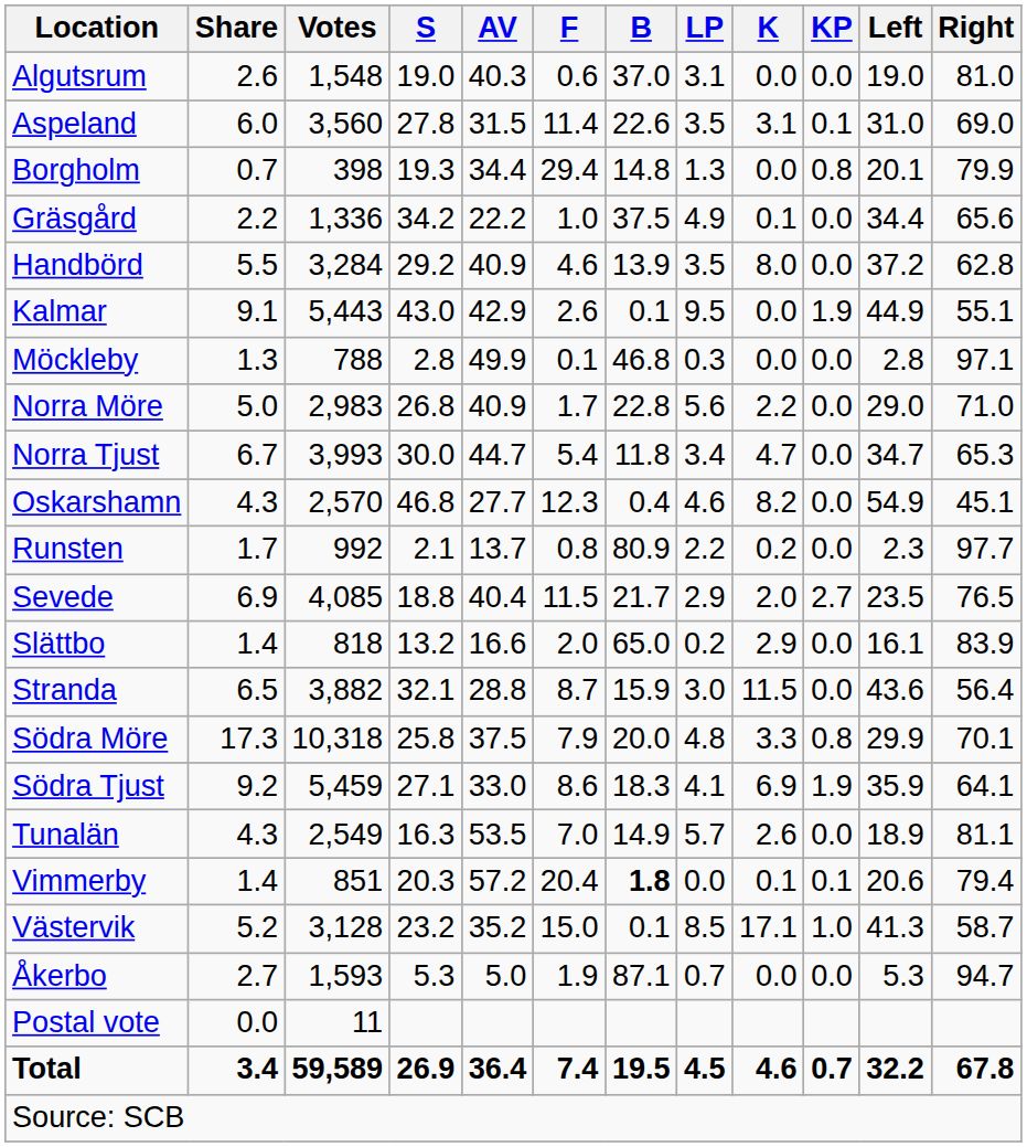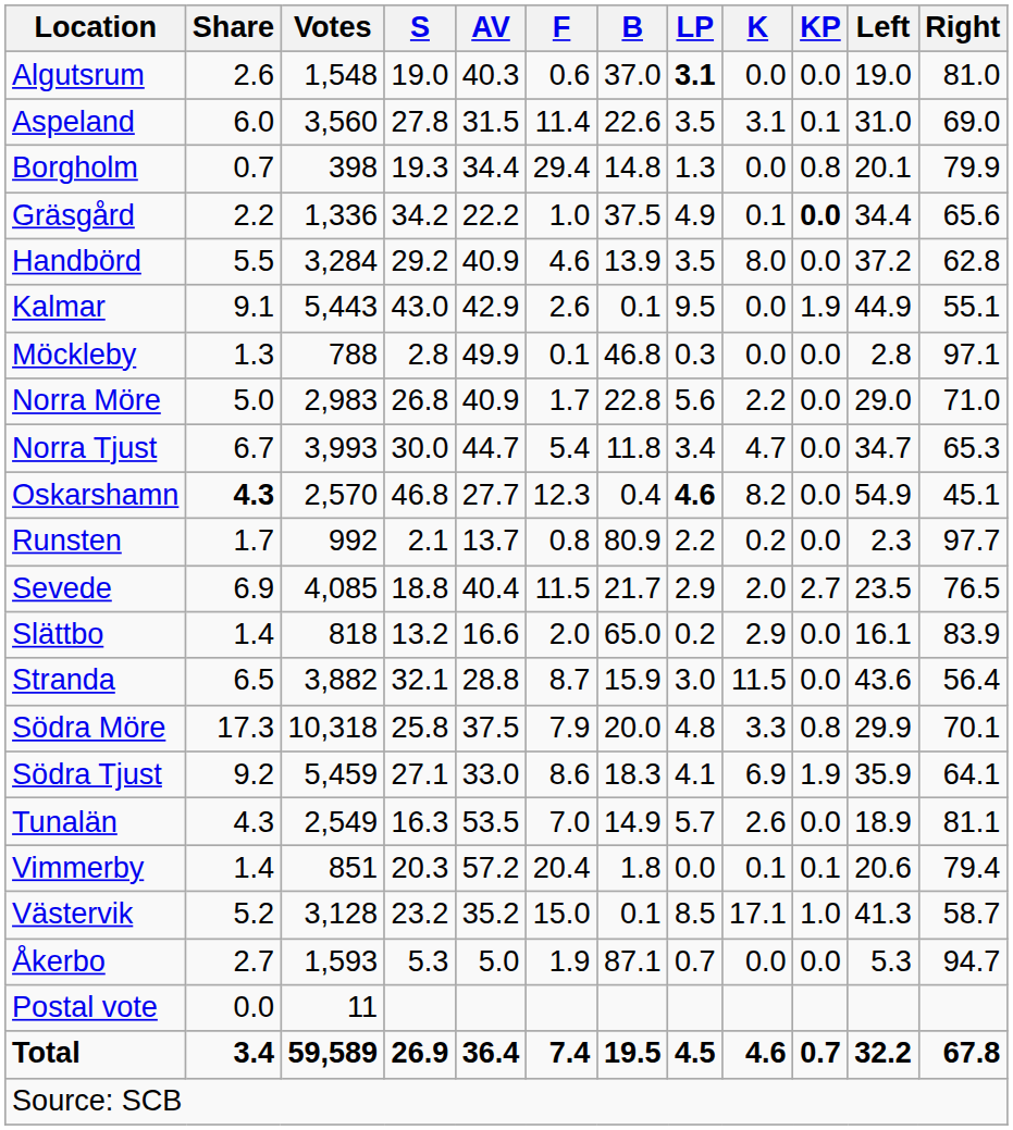 <table class="wikitable sortable" style=text-align:right>
 <tr>
 <th>Location</th>
 <th>Share</th>
 <th>Votes</th>
 <th><a href='#'>S</a></th>
 <th><a href='#'>AV</a></th>
 <th><a href='#'>F</a></th>
 <th><a href='#'>B</a></th>
 <th><a href='#'>LP</a></th>
 <th><a href='#'>K</a></th>
 <th><a href='#'>KP</a></th>
 <th>Left</th>
 <th>Right</th>
 </tr>
 <tr>
 <td align=left><a href='#'>Algutsrum</a></td>
 <td>2.6</td>
 <td>1,548</td>
 <td>19.0</td>
 <td>40.3</td>
 <td>0.6</td>
 <td>37.0</td>
-<td>3.1</td>
+<td><strong>3.1</strong></td>
 <td>0.0</td>
 <td>0.0</td>
 <td>19.0</td>
 <td>81.0</td>
 </tr>
 <tr>
 <td align=left><a href='#'>Aspeland</a></td>
 <td>6.0</td>
 <td>3,560</td>
 <td>27.8</td>
 <td>31.5</td>
 <td>11.4</td>
 <td>22.6</td>
 <td>3.5</td>
 <td>3.1</td>
 <td>0.1</td>
 <td>31.0</td>
 <td>69.0</td>
 </tr>
 <tr>
 <td align=left><a href='#'>Borgholm</a></td>
 <td>0.7</td>
 <td>398</td>
 <td>19.3</td>
 <td>34.4</td>
 <td>29.4</td>
 <td>14.8</td>
 <td>1.3</td>
 <td>0.0</td>
 <td>0.8</td>
 <td>20.1</td>
 <td>79.9</td>
 </tr>
 <tr>
 <td align=left><a href='#'>Gräsgård</a></td>
 <td>2.2</td>
 <td>1,336</td>
 <td>34.2</td>
 <td>22.2</td>
 <td>1.0</td>
 <td>37.5</td>
 <td>4.9</td>
 <td>0.1</td>
-<td>0.0</td>
+<td><strong>0.0</strong></td>
 <td>34.4</td>
 <td>65.6</td>
 </tr>
 <tr>
 <td align=left><a href='#'>Handbörd</a></td>
 <td>5.5</td>
 <td>3,284</td>
 <td>29.2</td>
 <td>40.9</td>
 <td>4.6</td>
 <td>13.9</td>
 <td>3.5</td>
 <td>8.0</td>
 <td>0.0</td>
 <td>37.2</td>
 <td>62.8</td>
 </tr>
 <tr>
 <td align=left><a href='#'>Kalmar</a></td>
 <td>9.1</td>
 <td>5,443</td>
 <td>43.0</td>
 <td>42.9</td>
 <td>2.6</td>
 <td>0.1</td>
 <td>9.5</td>
 <td>0.0</td>
 <td>1.9</td>
 <td>44.9</td>
 <td>55.1</td>
 </tr>
 <tr>
 <td align=left><a href='#'>Möckleby</a></td>
 <td>1.3</td>
 <td>788</td>
 <td>2.8</td>
 <td>49.9</td>
 <td>0.1</td>
 <td>46.8</td>
 <td>0.3</td>
 <td>0.0</td>
 <td>0.0</td>
 <td>2.8</td>
 <td>97.1</td>
 </tr>
 <tr>
 <td align=left><a href='#'>Norra Möre</a></td>
 <td>5.0</td>
 <td>2,983</td>
 <td>26.8</td>
 <td>40.9</td>
 <td>1.7</td>
 <td>22.8</td>
 <td>5.6</td>
 <td>2.2</td>
 <td>0.0</td>
 <td>29.0</td>
 <td>71.0</td>
 </tr>
 <tr>
 <td align=left><a href='#'>Norra Tjust</a></td>
 <td>6.7</td>
 <td>3,993</td>
 <td>30.0</td>
 <td>44.7</td>
 <td>5.4</td>
 <td>11.8</td>
 <td>3.4</td>
 <td>4.7</td>
 <td>0.0</td>
 <td>34.7</td>
 <td>65.3</td>
 </tr>
 <tr>
 <td align=left><a href='#'>Oskarshamn</a></td>
-<td>4.3</td>
+<td><strong>4.3</strong></td>
 <td>2,570</td>
 <td>46.8</td>
 <td>27.7</td>
 <td>12.3</td>
 <td>0.4</td>
-<td>4.6</td>
+<td><strong>4.6</strong></td>
 <td>8.2</td>
 <td>0.0</td>
 <td>54.9</td>
 <td>45.1</td>
 </tr>
 <tr>
 <td align=left><a href='#'>Runsten</a></td>
 <td>1.7</td>
 <td>992</td>
 <td>2.1</td>
 <td>13.7</td>
 <td>0.8</td>
 <td>80.9</td>
 <td>2.2</td>
 <td>0.2</td>
 <td>0.0</td>
 <td>2.3</td>
 <td>97.7</td>
 </tr>
 <tr>
 <td align=left><a href='#'>Sevede</a></td>
 <td>6.9</td>
 <td>4,085</td>
 <td>18.8</td>
 <td>40.4</td>
 <td>11.5</td>
 <td>21.7</td>
 <td>2.9</td>
 <td>2.0</td>
 <td>2.7</td>
 <td>23.5</td>
 <td>76.5</td>
 </tr>
 <tr>
 <td align=left><a href='#'>Slättbo</a></td>
 <td>1.4</td>
 <td>818</td>
 <td>13.2</td>
 <td>16.6</td>
 <td>2.0</td>
 <td>65.0</td>
 <td>0.2</td>
 <td>2.9</td>
 <td>0.0</td>
 <td>16.1</td>
 <td>83.9</td>
 </tr>
 <tr>
 <td align=left><a href='#'>Stranda</a></td>
 <td>6.5</td>
 <td>3,882</td>
 <td>32.1</td>
 <td>28.8</td>
 <td>8.7</td>
 <td>15.9</td>
 <td>3.0</td>
 <td>11.5</td>
 <td>0.0</td>
 <td>43.6</td>
 <td>56.4</td>
 </tr>
 <tr>
 <td align=left><a href='#'>Södra Möre</a></td>
 <td>17.3</td>
 <td>10,318</td>
 <td>25.8</td>
 <td>37.5</td>
 <td>7.9</td>
 <td>20.0</td>
 <td>4.8</td>
 <td>3.3</td>
 <td>0.8</td>
 <td>29.9</td>
 <td>70.1</td>
 </tr>
 <tr>
 <td align=left><a href='#'>Södra Tjust</a></td>
 <td>9.2</td>
 <td>5,459</td>
 <td>27.1</td>
 <td>33.0</td>
 <td>8.6</td>
 <td>18.3</td>
 <td>4.1</td>
 <td>6.9</td>
 <td>1.9</td>
 <td>35.9</td>
 <td>64.1</td>
 </tr>
 <tr>
 <td align=left><a href='#'>Tunalän</a></td>
 <td>4.3</td>
 <td>2,549</td>
 <td>16.3</td>
 <td>53.5</td>
 <td>7.0</td>
 <td>14.9</td>
 <td>5.7</td>
 <td>2.6</td>
 <td>0.0</td>
 <td>18.9</td>
 <td>81.1</td>
 </tr>
 <tr>
 <td align=left><a href='#'>Vimmerby</a></td>
 <td>1.4</td>
 <td>851</td>
 <td>20.3</td>
 <td>57.2</td>
 <td>20.4</td>
-<td><strong>1.8</strong></td>
+<td>1.8</td>
 <td>0.0</td>
 <td>0.1</td>
 <td>0.1</td>
 <td>20.6</td>
 <td>79.4</td>
 </tr>
 <tr>
 <td align=left><a href='#'>Västervik</a></td>
 <td>5.2</td>
 <td>3,128</td>
 <td>23.2</td>
 <td>35.2</td>
 <td>15.0</td>
 <td>0.1</td>
 <td>8.5</td>
 <td>17.1</td>
 <td>1.0</td>
 <td>41.3</td>
 <td>58.7</td>
 </tr>
 <tr>
 <td align=left><a href='#'>Åkerbo</a></td>
 <td>2.7</td>
 <td>1,593</td>
 <td>5.3</td>
 <td>5.0</td>
 <td>1.9</td>
 <td>87.1</td>
 <td>0.7</td>
 <td>0.0</td>
 <td>0.0</td>
 <td>5.3</td>
 <td>94.7</td>
 </tr>
 <tr>
 <td align=left><a href='#'>Postal vote</a></td>
 <td>0.0</td>
 <td>11</td>
 <td></td>
 <td></td>
 <td></td>
 <td></td>
 <td></td>
 <td></td>
 <td></td>
 <td></td>
 <td></td>
 </tr>
 <tr>
 <td align=left><strong>Total</strong></td>
 <td><strong>3.4</strong></td>
 <td><strong>59,589</strong></td>
 <td><strong>26.9</strong></td>
 <td><strong>36.4</strong></td>
 <td><strong>7.4</strong></td>
 <td><strong>19.5</strong></td>
 <td><strong>4.5</strong></td>
 <td><strong>4.6</strong></td>
 <td><strong>0.7</strong></td>
 <td><strong>32.2</strong></td>
 <td><strong>67.8</strong></td>
 </tr>
 <tr>
 <td align=left colspan=12>Source: SCB </td>
 </tr>
 </table>
